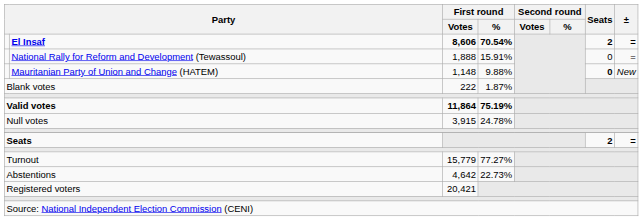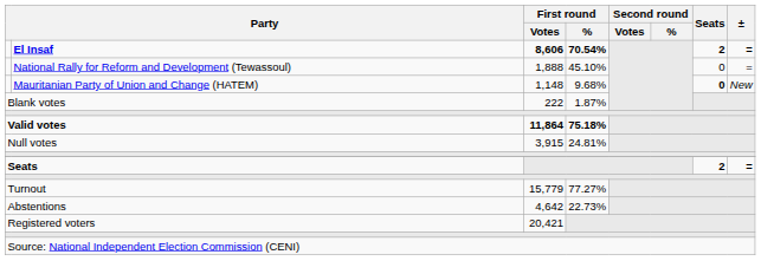 <table class="wikitable" style="text-align:right;font-size:95%;">
 <tr>
 <th rowspan="2" colspan="2" width="700">Party</th>
 <th colspan="2">First round</th>
 <th colspan="2">Second round</th>
 <th rowspan="2" width="25">Seats</th>
 <th rowspan="2" width="20">±</th>
 </tr>
 <tr>
 <th width="50">Votes</th>
 <th width="50">%</th>
 <th width="50">Votes</th>
 <th width="50">%</th>
 </tr>
 <tr>
 <td width="1" style="color:inherit;background:"></td>
 <td style="text-align:left;"><strong><a href='#'>El Insaf</a></strong></td>
 <td><strong>8,606</strong></td>
 <td><strong>70.54%</strong></td>
 <td colspan="2" rowspan="4" style="background:#E9E9E9;"></td>
 <td><strong>2</strong></td>
 <td><strong>=</strong></td>
 </tr>
 <tr>
 <td width="1" style="color:inherit;background:"></td>
 <td style="text-align:left;"><a href='#'>National Rally for Reform and Development</a> (Tewassoul)</td>
 <td>1,888</td>
-<td>15.91%</td>
+<td>45.10%</td>
 <td>0</td>
 <td>=</td>
 </tr>
 <tr>
 <td width="1" style="color:inherit;background:"></td>
 <td style="text-align:left;"><a href='#'>Mauritanian Party of Union and Change</a> (HATEM)</td>
 <td>1,148</td>
-<td>9.88%</td>
+<td>9.68%</td>
 <td><strong>0</strong></td>
 <td><em>New</em></td>
 </tr>
 <tr>
 <td colspan="2" style="text-align:left;">Blank votes</td>
 <td>222</td>
 <td>1.87%</td>
 <td colspan="4" style="background:#E9E9E9;"></td>
 </tr>
 <tr>
 <td colspan="8" style="background:#E9E9E9;"></td>
 </tr>
 <tr style="font-weight:bold;">
 <td colspan="2" style="text-align:left;">Valid votes</td>
 <td>11,864</td>
-<td>75.19%</td>
+<td>75.18%</td>
 <td colspan="4" style="background:#E9E9E9;"></td>
 </tr>
 <tr>
 <td colspan="2" style="text-align:left;">Null votes</td>
 <td>3,915</td>
-<td>24.78%</td>
+<td>24.81%</td>
 <td colspan="4" style="background:#E9E9E9;"></td>
 </tr>
 <tr>
 <td colspan="8" style="background:#E9E9E9;"></td>
 </tr>
 <tr>
 </tr>
 <tr style="font-weight:bold;">
 <td colspan="2" style="text-align:left;">Seats</td>
 <td colspan="4" style="background:#E9E9E9;"></td>
 <td>2</td>
 <td>=</td>
 </tr>
 <tr>
 <td colspan="8" style="background:#E9E9E9;"></td>
 </tr>
 <tr>
 <td colspan="2" style="text-align:left;">Turnout</td>
 <td>15,779</td>
 <td>77.27%</td>
 <td colspan="4" style="background:#E9E9E9;"></td>
 </tr>
 <tr>
 <td colspan="2" style="text-align:left;">Abstentions</td>
 <td>4,642</td>
 <td>22.73%</td>
 <td colspan="4" style="background:#E9E9E9;"></td>
 </tr>
 <tr>
 <td colspan="2" style="text-align:left;">Registered voters</td>
 <td>20,421</td>
 <td colspan="5" style="background:#E9E9E9;"></td>
 </tr>
 <tr>
 <td colspan="8" style="background:#E9E9E9;"></td>
 </tr>
 <tr>
 <td colspan="8" style="text-align:left;">Source: <a href='#'>National Independent Election Commission</a> (CENI)</td>
 </tr>
 </table>
